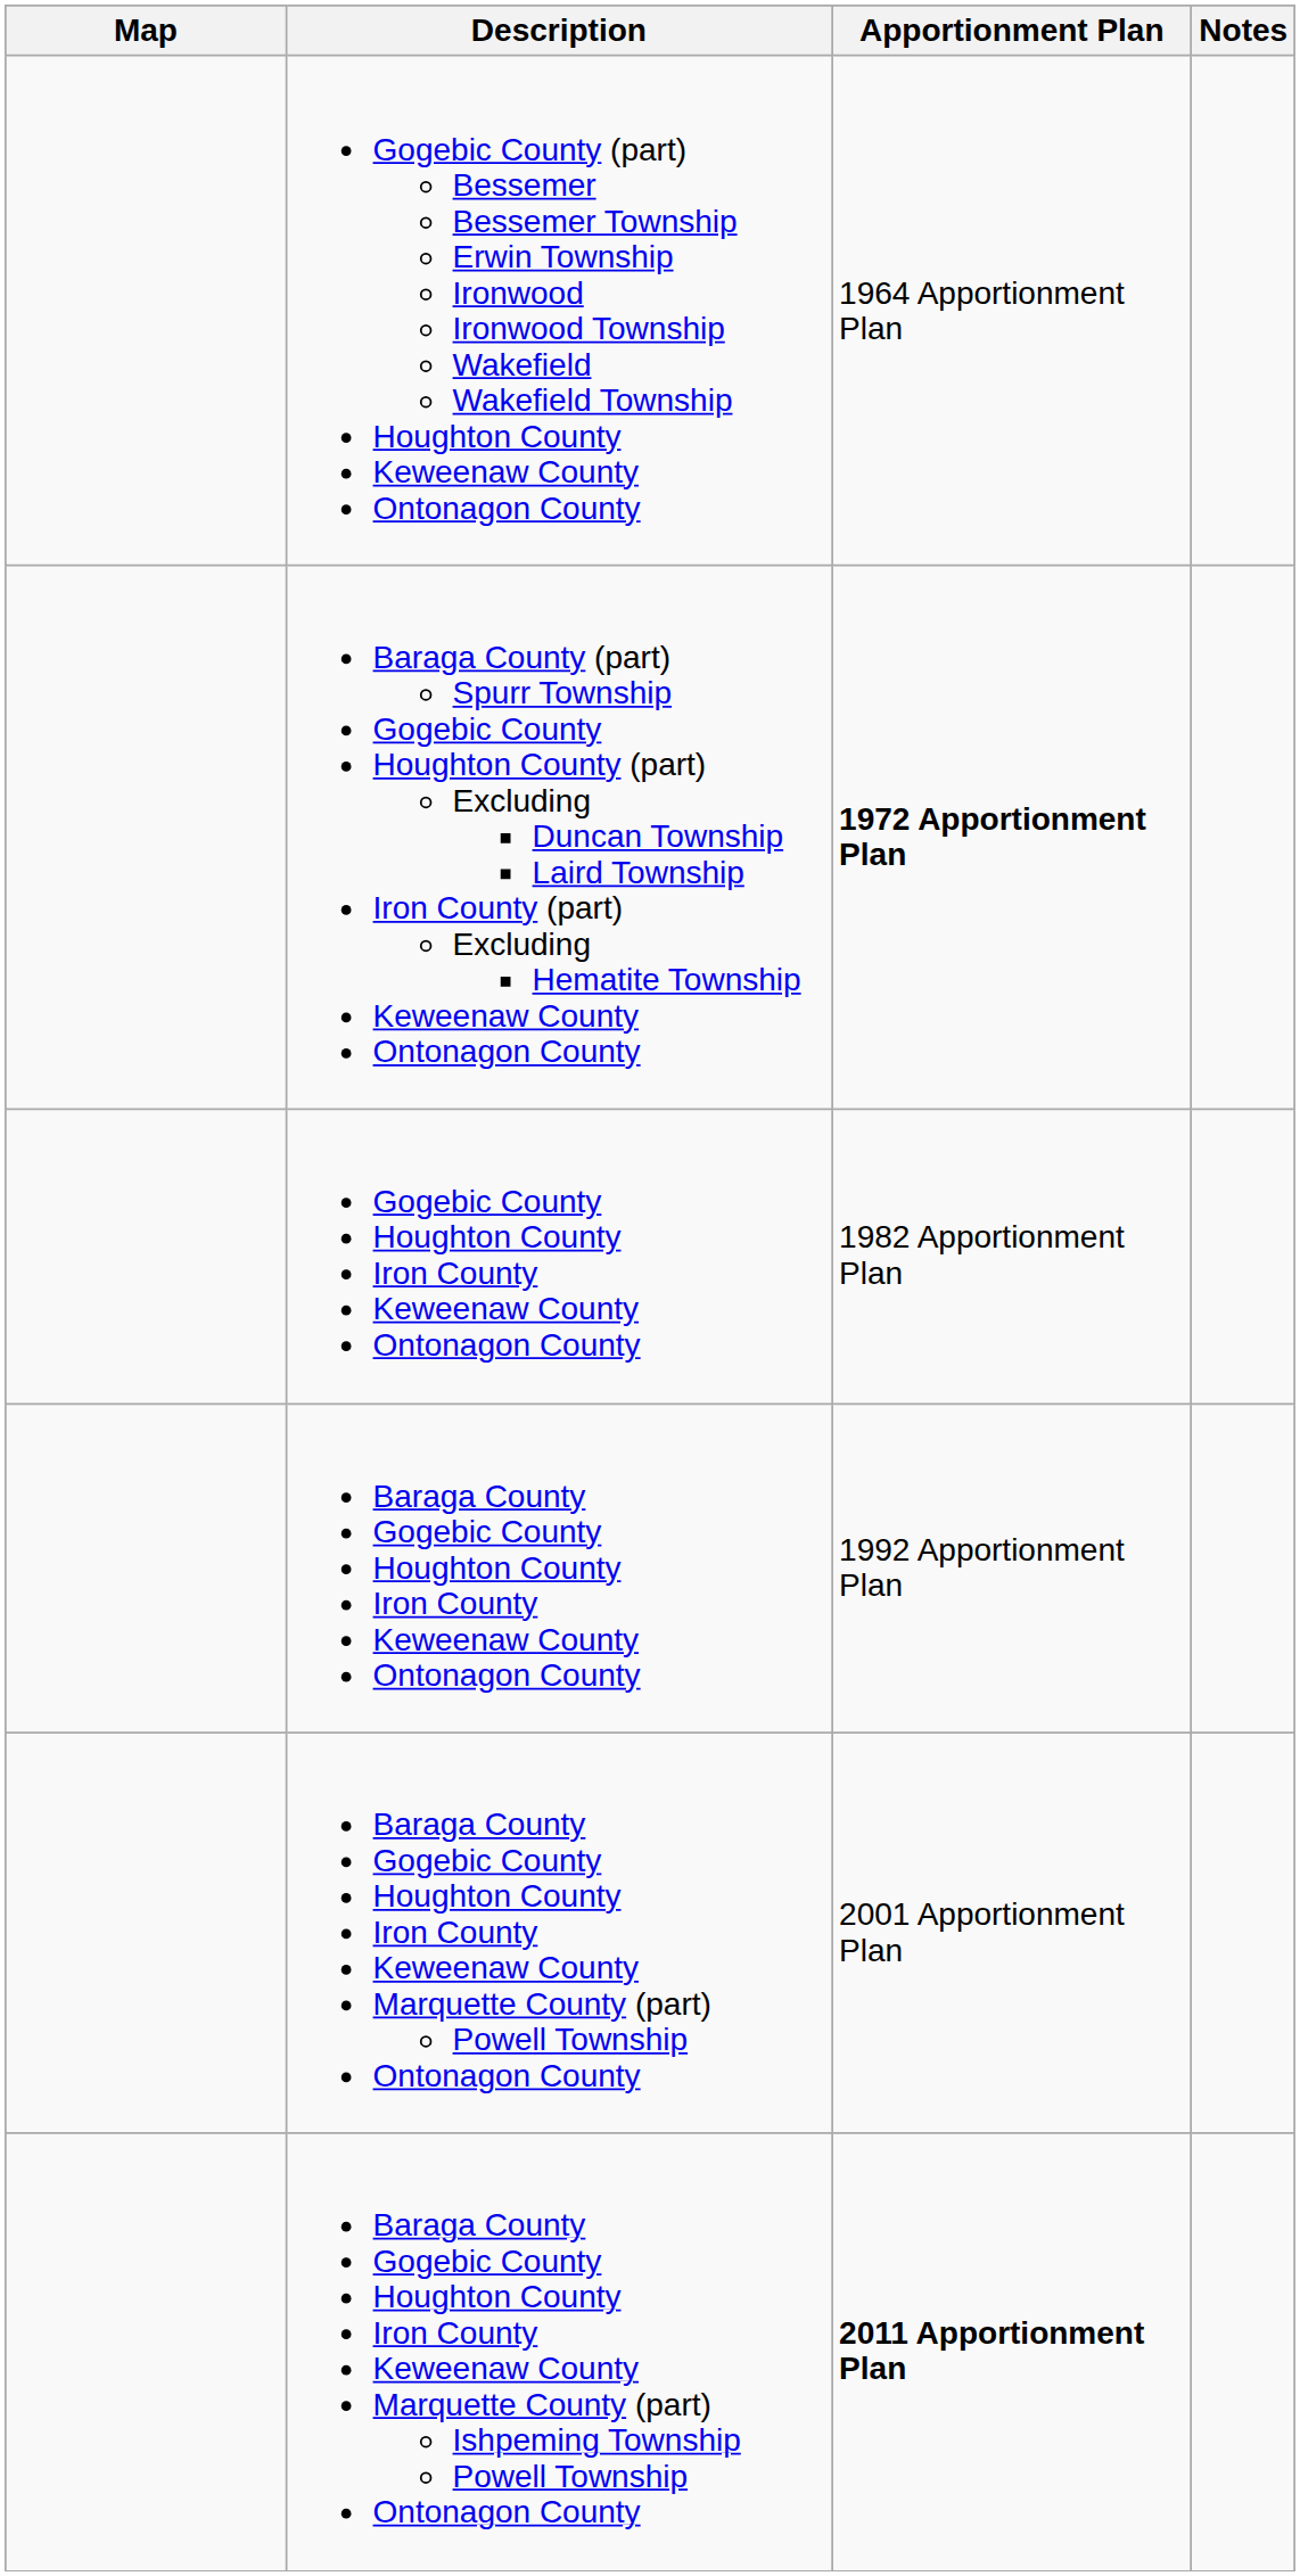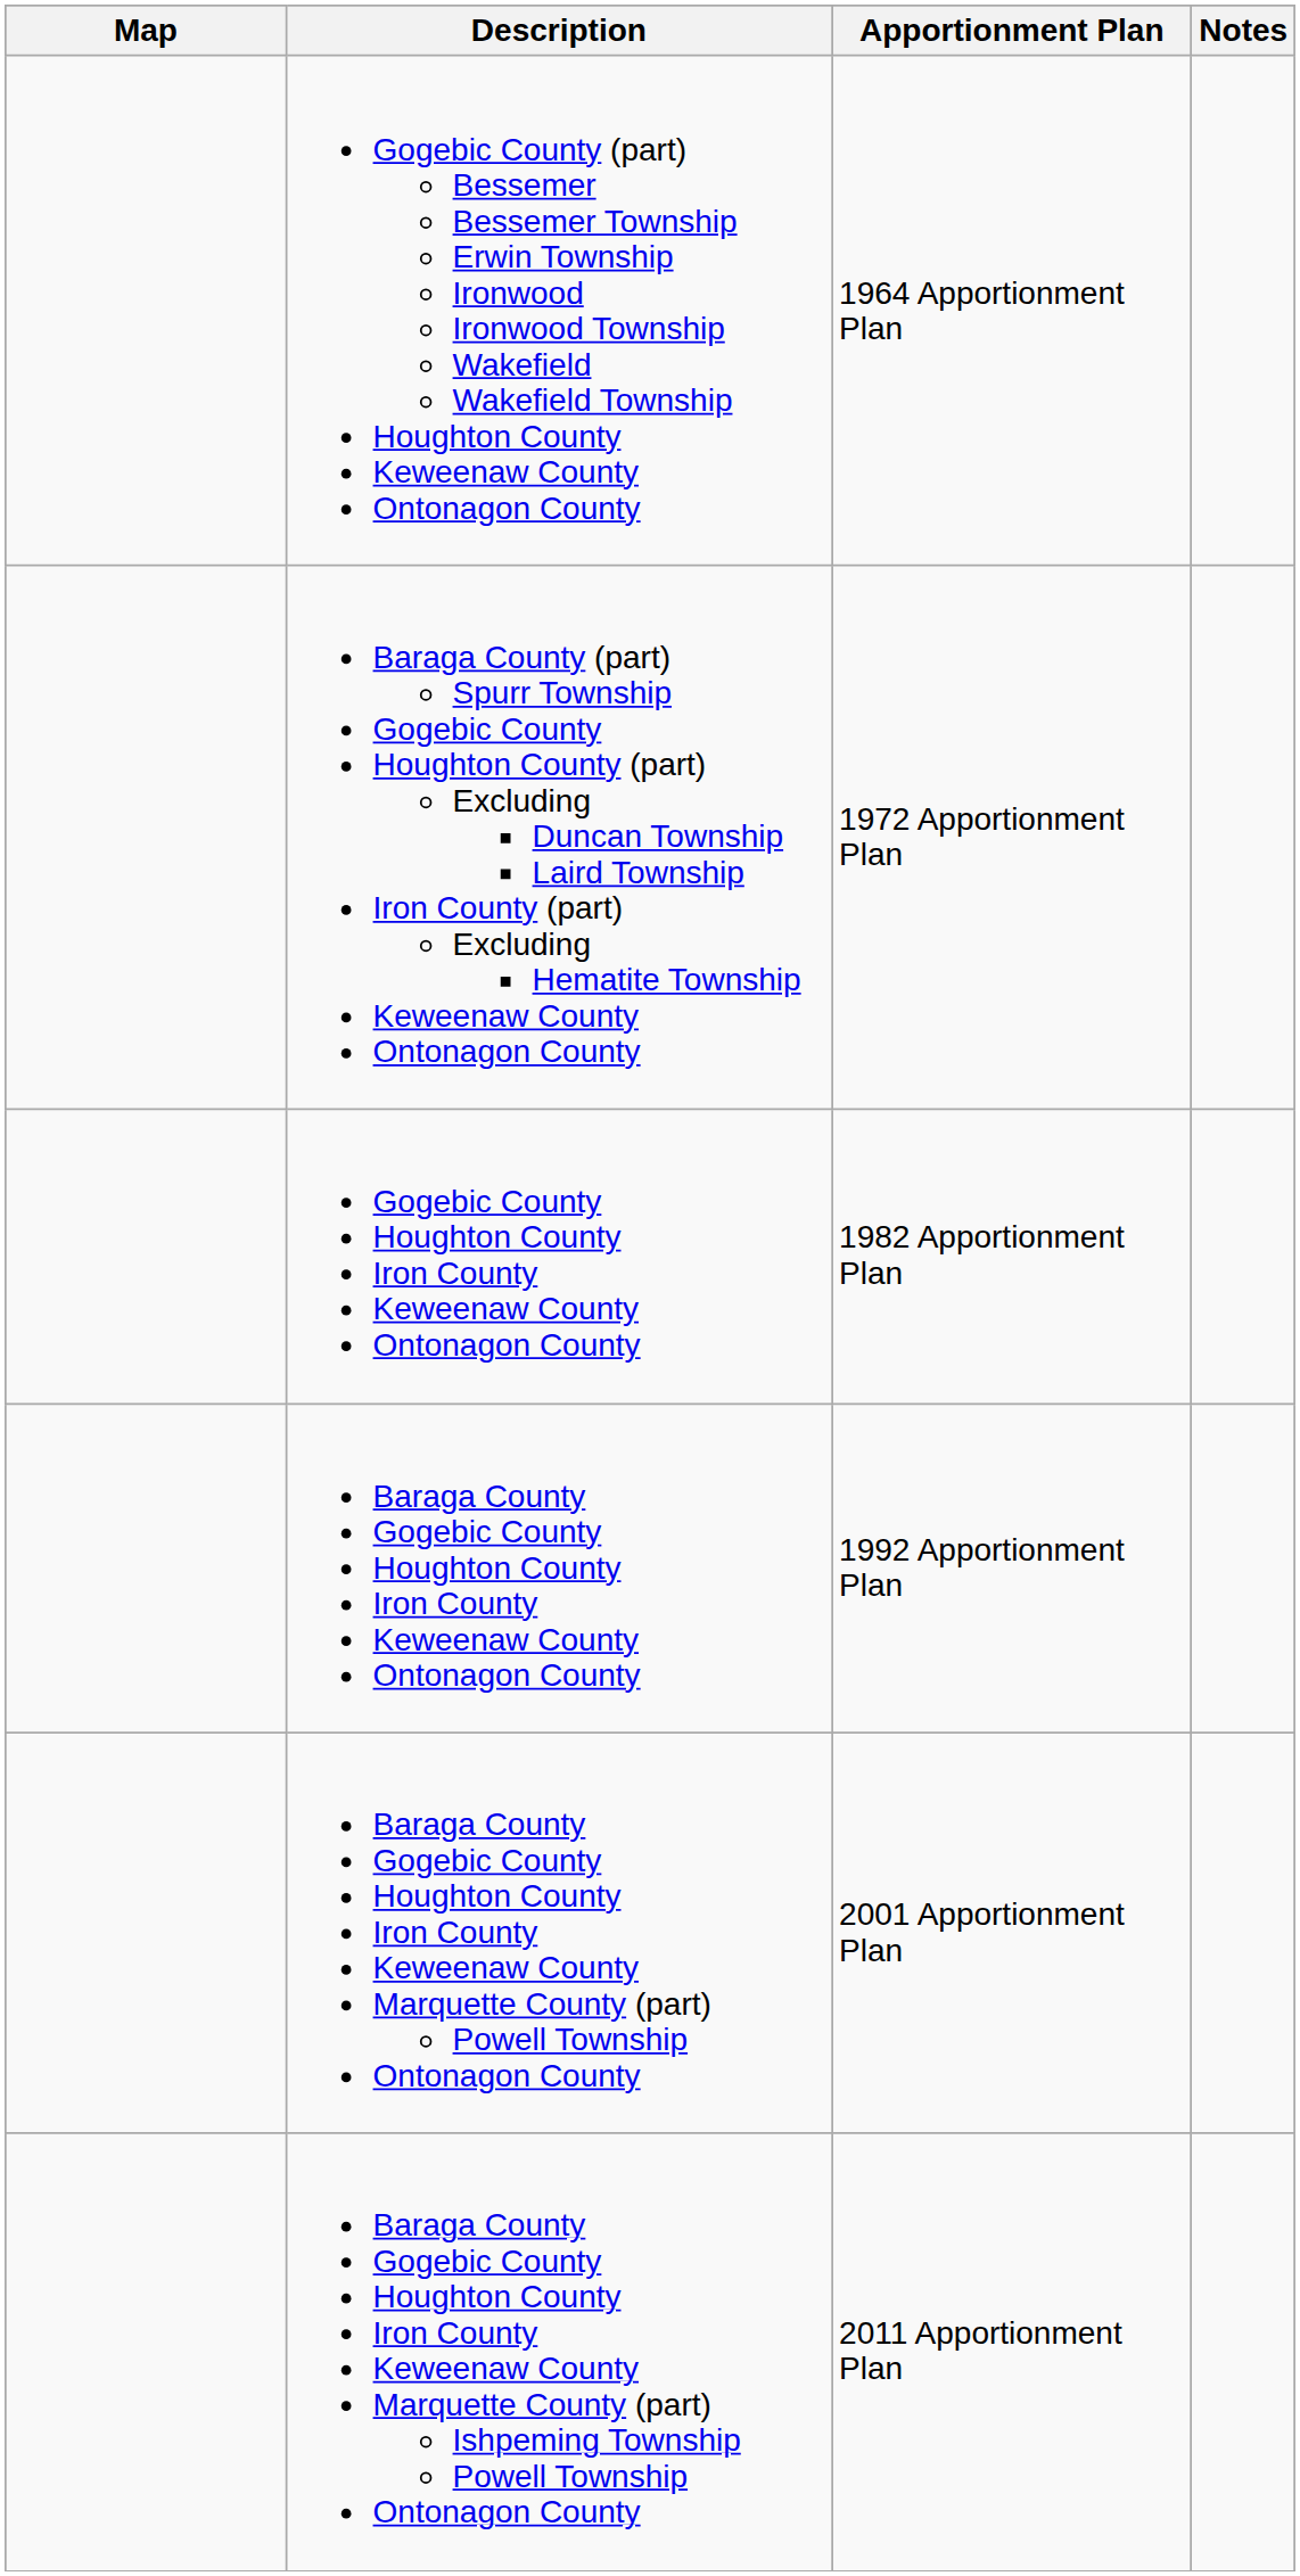 <table class="wikitable sortable">
 <tr>
 <th style="width:100pt;">Map</th>
 <th style="width:200pt;">Description</th>
 <th style="width:130pt;">Apportionment Plan</th>
 <th style="width:15pt;">Notes</th>
 </tr>
 <tr>
 <td></td>
 <td><br><ul><li><a href='#'>Gogebic County</a> (part)<ul><li><a href='#'>Bessemer</a></li><li><a href='#'>Bessemer Township</a></li><li><a href='#'>Erwin Township</a></li><li><a href='#'>Ironwood</a></li><li><a href='#'>Ironwood Township</a></li><li><a href='#'>Wakefield</a></li><li><a href='#'>Wakefield Township</a></li></ul></li><li><a href='#'>Houghton County</a></li><li><a href='#'>Keweenaw County</a></li><li><a href='#'>Ontonagon County</a></li></ul></td>
 <td>1964 Apportionment Plan</td>
 <td></td>
 </tr>
 <tr>
 <td></td>
 <td><br><ul><li><a href='#'>Baraga County</a> (part)<ul><li><a href='#'>Spurr Township</a></li></ul></li><li><a href='#'>Gogebic County</a></li><li><a href='#'>Houghton County</a> (part)<ul><li>Excluding<ul><li><a href='#'>Duncan Township</a></li><li><a href='#'>Laird Township</a></li></ul></li></ul></li><li><a href='#'>Iron County</a> (part)<ul><li>Excluding<ul><li><a href='#'>Hematite Township</a></li></ul></li></ul></li><li><a href='#'>Keweenaw County</a></li><li><a href='#'>Ontonagon County</a></li></ul></td>
-<td><strong>1972 Apportionment Plan</strong></td>
+<td>1972 Apportionment Plan</td>
 <td></td>
 </tr>
 <tr>
 <td></td>
 <td><br><ul><li><a href='#'>Gogebic County</a></li><li><a href='#'>Houghton County</a></li><li><a href='#'>Iron County</a></li><li><a href='#'>Keweenaw County</a></li><li><a href='#'>Ontonagon County</a></li></ul></td>
 <td>1982 Apportionment Plan</td>
 <td></td>
 </tr>
 <tr>
 <td></td>
 <td><br><ul><li><a href='#'>Baraga County</a></li><li><a href='#'>Gogebic County</a></li><li><a href='#'>Houghton County</a></li><li><a href='#'>Iron County</a></li><li><a href='#'>Keweenaw County</a></li><li><a href='#'>Ontonagon County</a></li></ul></td>
 <td>1992 Apportionment Plan</td>
 <td></td>
 </tr>
 <tr>
 <td></td>
 <td><br><ul><li><a href='#'>Baraga County</a></li><li><a href='#'>Gogebic County</a></li><li><a href='#'>Houghton County</a></li><li><a href='#'>Iron County</a></li><li><a href='#'>Keweenaw County</a></li><li><a href='#'>Marquette County</a> (part)<ul><li><a href='#'>Powell Township</a></li></ul></li><li><a href='#'>Ontonagon County</a></li></ul></td>
 <td>2001 Apportionment Plan</td>
 <td></td>
 </tr>
 <tr>
 <td></td>
 <td><br><ul><li><a href='#'>Baraga County</a></li><li><a href='#'>Gogebic County</a></li><li><a href='#'>Houghton County</a></li><li><a href='#'>Iron County</a></li><li><a href='#'>Keweenaw County</a></li><li><a href='#'>Marquette County</a> (part)<ul><li><a href='#'>Ishpeming Township</a></li><li><a href='#'>Powell Township</a></li></ul></li><li><a href='#'>Ontonagon County</a></li></ul></td>
-<td><strong>2011 Apportionment Plan</strong></td>
+<td>2011 Apportionment Plan</td>
 <td></td>
 </tr>
 <tr>
 </tr>
 </table>
